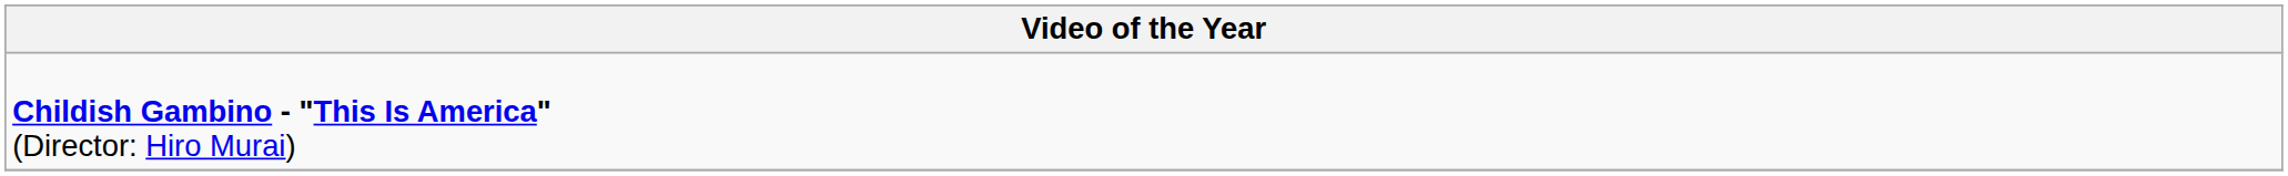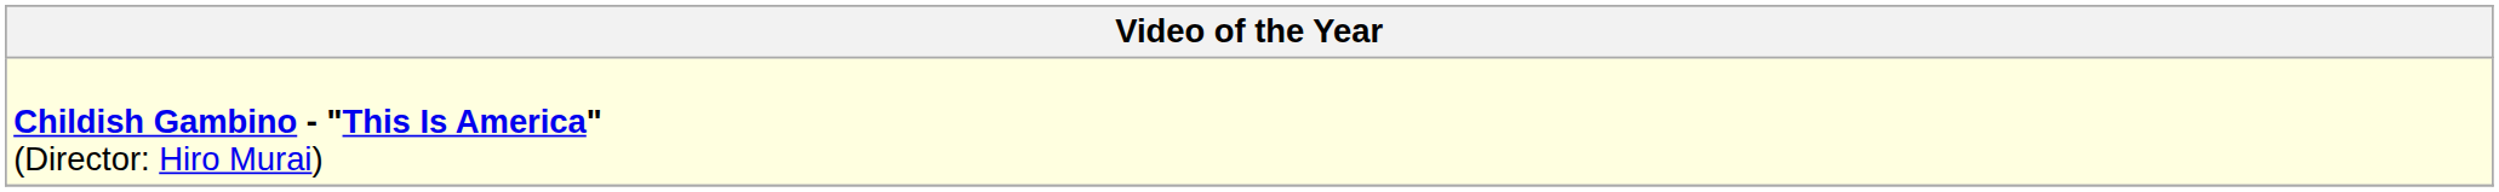 <table class="wikitable" style="width:95%">
 <tr bgcolor="#bebebe">
 <th width="100%">Video of the Year</th>
 </tr>
 <tr>
-<td valign="top"><br><strong><a href='#'>Childish Gambino</a> - "<a href='#'>This Is America</a>"</strong> <br> (Director: <a href='#'>Hiro Murai</a>)</td>
+<td valign="top" style="background: lightyellow;"><br><strong><a href='#'>Childish Gambino</a> - "<a href='#'>This Is America</a>"</strong> <br> (Director: <a href='#'>Hiro Murai</a>)</td>
 </tr>
 <tr>
 </tr>
 </table>
